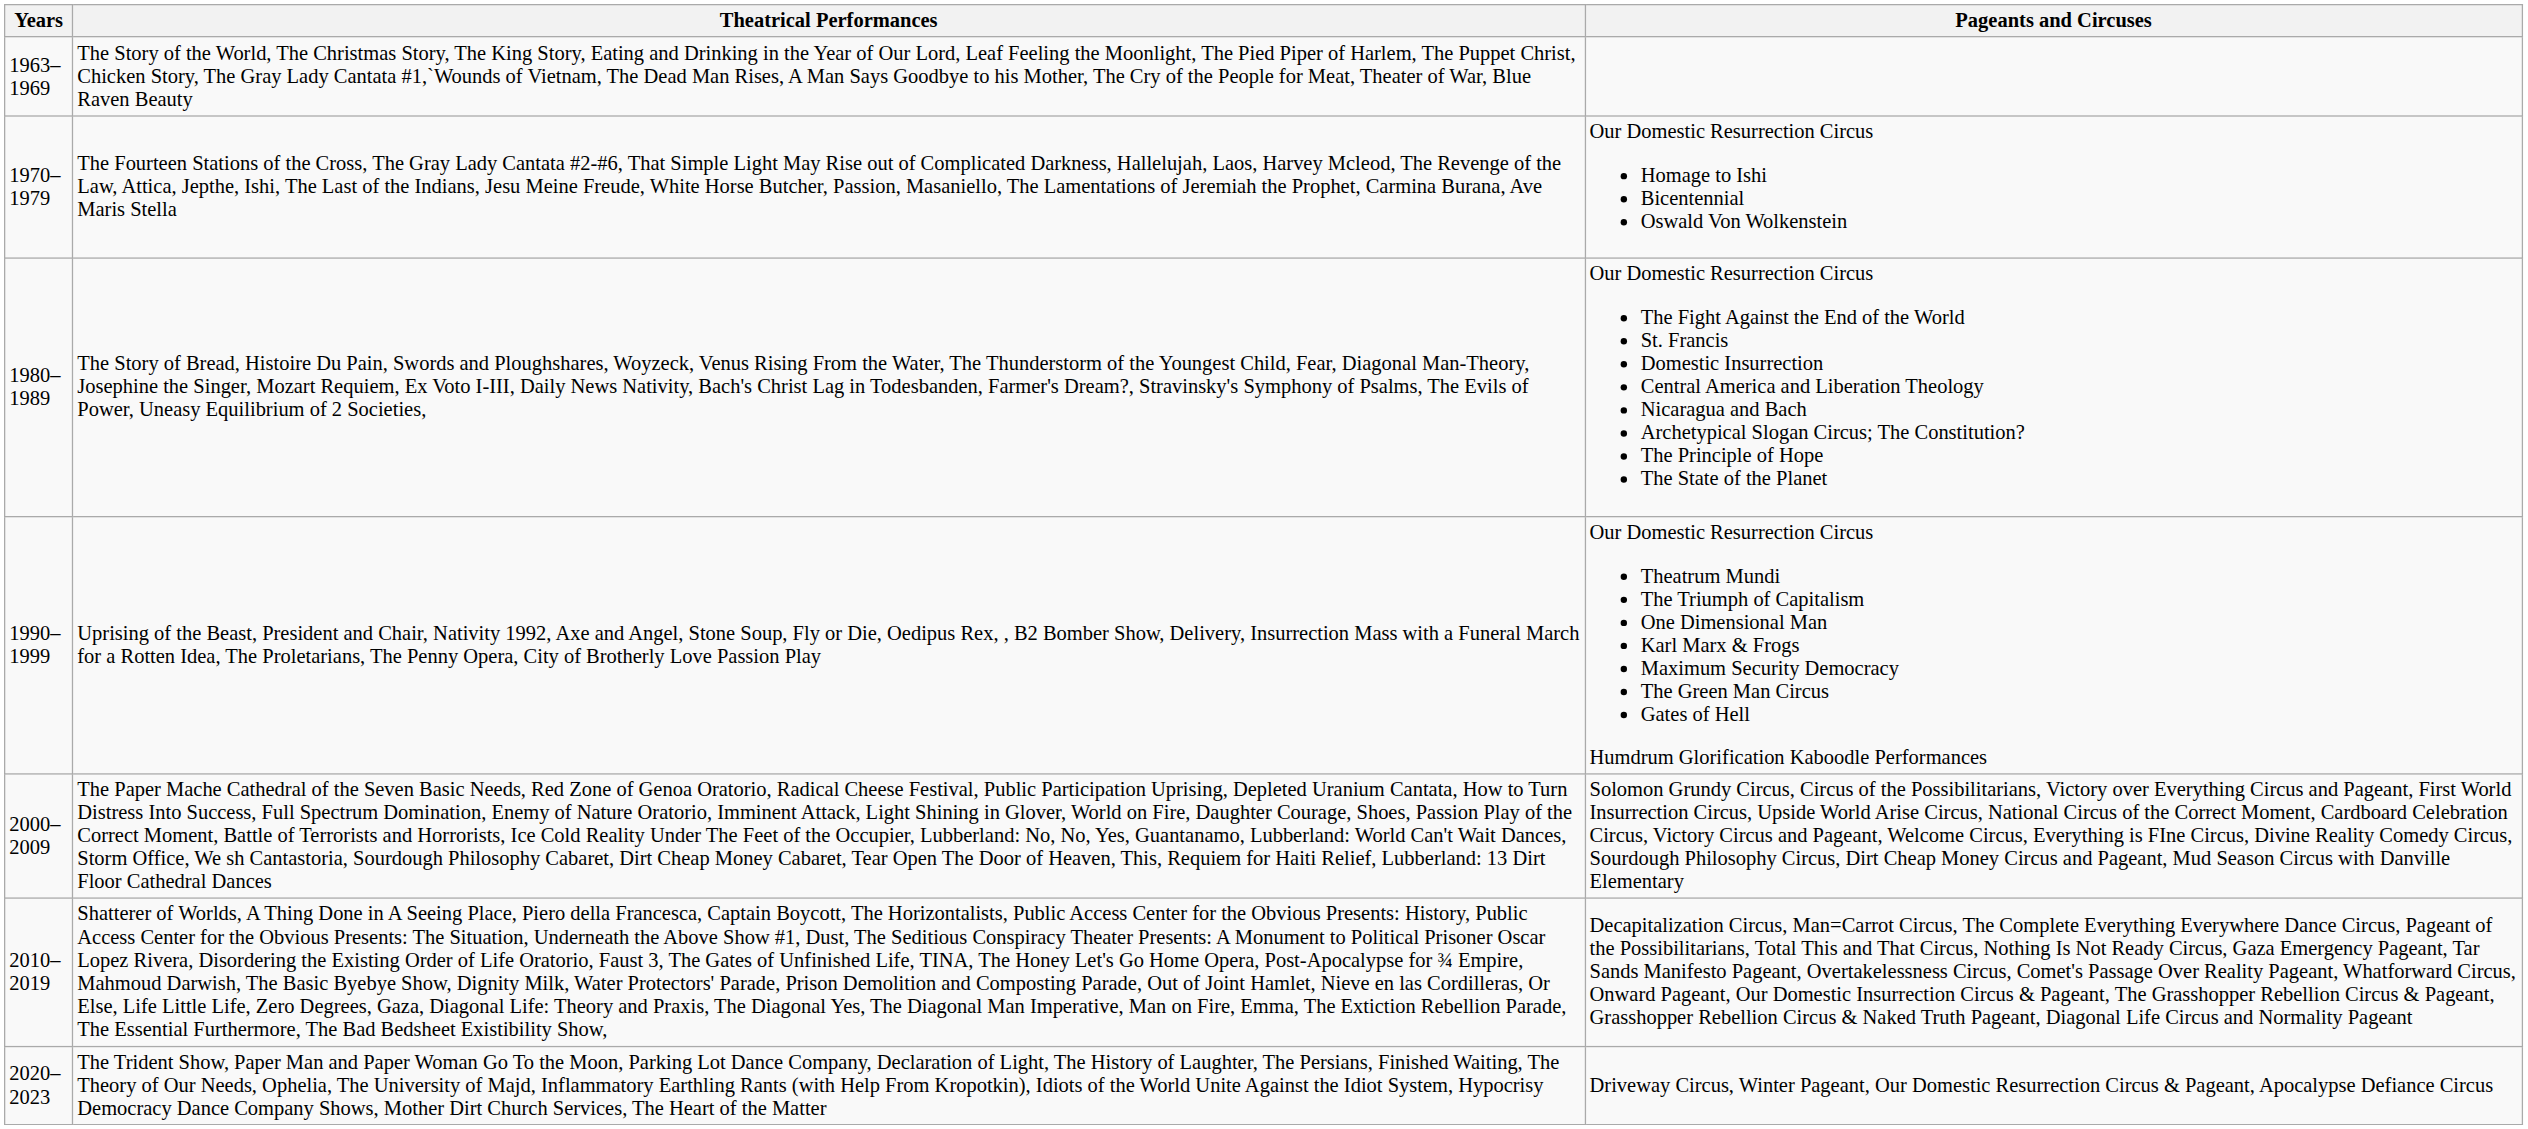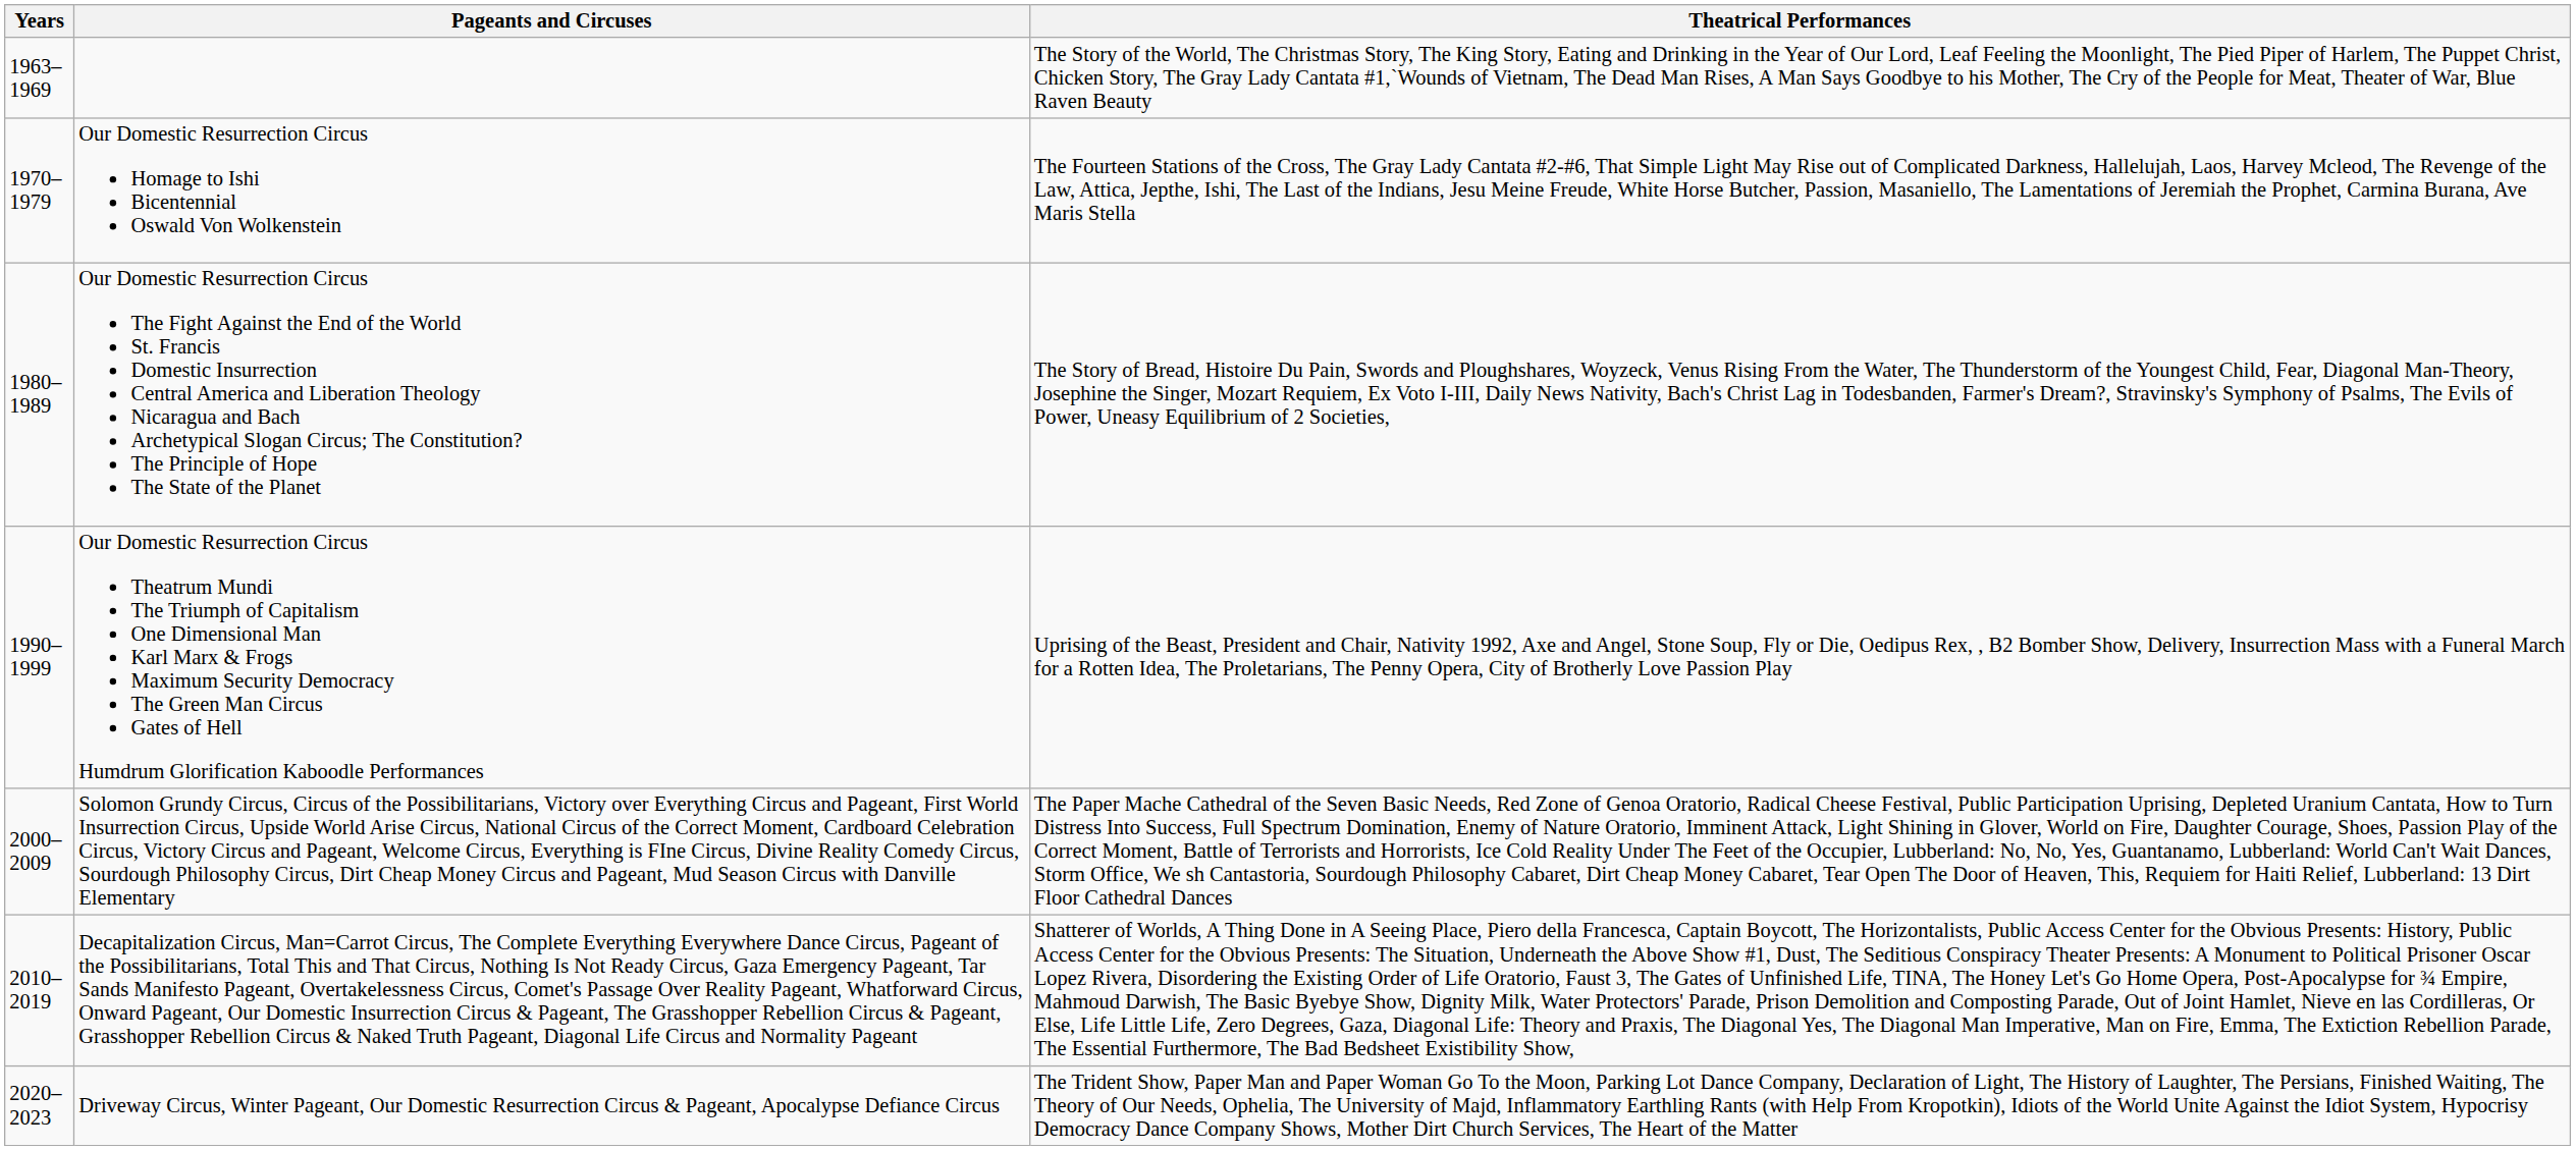 <table class="wikitable mw-collapsible">
 <tr>
 <th>Years</th>
+<th>Pageants and Circuses</th>
 <th>Theatrical Performances</th>
-<th>Pageants and Circuses</th>
 </tr>
 <tr>
 <td>1963–1969</td>
+<td></td>
 <td>The Story of the World, The Christmas Story, The King Story, Eating and Drinking in the Year of Our Lord, Leaf Feeling the Moonlight, The Pied Piper of Harlem, The Puppet Christ, Chicken Story, The Gray Lady Cantata #1,`Wounds of Vietnam, The Dead Man Rises, A Man Says Goodbye to his Mother, The Cry of the People for Meat, Theater of War, Blue Raven Beauty</td>
-<td></td>
 </tr>
 <tr>
 <td>1970–1979</td>
+<td>Our Domestic Resurrection Circus<br><ul><li>Homage to Ishi</li><li>Bicentennial</li><li>Oswald Von Wolkenstein</li></ul></td>
 <td>The Fourteen Stations of the Cross, The Gray Lady Cantata #2-#6, That Simple Light May Rise out of Complicated Darkness, Hallelujah, Laos, Harvey Mcleod, The Revenge of the Law, Attica, Jepthe, Ishi, The Last of the Indians, Jesu Meine Freude, White Horse Butcher, Passion, Masaniello, The Lamentations of Jeremiah the Prophet, Carmina Burana, Ave Maris Stella</td>
-<td>Our Domestic Resurrection Circus<br><ul><li>Homage to Ishi</li><li>Bicentennial</li><li>Oswald Von Wolkenstein</li></ul></td>
 </tr>
 <tr>
 <td>1980–1989</td>
+<td>Our Domestic Resurrection Circus<br><ul><li>The Fight Against the End of the World</li><li>St. Francis</li><li>Domestic Insurrection</li><li>Central America and Liberation Theology</li><li>Nicaragua and Bach</li><li>Archetypical Slogan Circus; The Constitution?</li><li>The Principle of Hope</li><li>The State of the Planet</li></ul></td>
 <td>The Story of Bread, Histoire Du Pain, Swords and Ploughshares, Woyzeck, Venus Rising From the Water, The Thunderstorm of the Youngest Child, Fear, Diagonal Man-Theory, Josephine the Singer, Mozart Requiem, Ex Voto I-III, Daily News Nativity, Bach's Christ Lag in Todesbanden, Farmer's Dream?, Stravinsky's Symphony of Psalms, The Evils of Power, Uneasy Equilibrium of 2 Societies,</td>
-<td>Our Domestic Resurrection Circus<br><ul><li>The Fight Against the End of the World</li><li>St. Francis</li><li>Domestic Insurrection</li><li>Central America and Liberation Theology</li><li>Nicaragua and Bach</li><li>Archetypical Slogan Circus; The Constitution?</li><li>The Principle of Hope</li><li>The State of the Planet</li></ul></td>
 </tr>
 <tr>
 <td>1990–1999</td>
+<td>Our Domestic Resurrection Circus<br><ul><li>Theatrum Mundi</li><li>The Triumph of Capitalism</li><li>One Dimensional Man</li><li>Karl Marx & Frogs</li><li>Maximum Security Democracy</li><li>The Green Man Circus</li><li>Gates of Hell</li></ul>Humdrum Glorification Kaboodle Performances</td>
 <td>Uprising of the Beast, President and Chair, Nativity 1992, Axe and Angel, Stone Soup, Fly or Die, Oedipus Rex, , B2 Bomber Show, Delivery, Insurrection Mass with a Funeral March for a Rotten Idea, The Proletarians, The Penny Opera, City of Brotherly Love Passion Play</td>
-<td>Our Domestic Resurrection Circus<br><ul><li>Theatrum Mundi</li><li>The Triumph of Capitalism</li><li>One Dimensional Man</li><li>Karl Marx & Frogs</li><li>Maximum Security Democracy</li><li>The Green Man Circus</li><li>Gates of Hell</li></ul>Humdrum Glorification Kaboodle Performances</td>
 </tr>
 <tr>
 <td>2000–2009</td>
+<td>Solomon Grundy Circus, Circus of the Possibilitarians, Victory over Everything Circus and Pageant, First World Insurrection Circus, Upside World Arise Circus, National Circus of the Correct Moment, Cardboard Celebration Circus, Victory Circus and Pageant, Welcome Circus, Everything is FIne Circus, Divine Reality Comedy Circus, Sourdough Philosophy Circus, Dirt Cheap Money Circus and Pageant, Mud Season Circus with Danville Elementary</td>
 <td>The Paper Mache Cathedral of the Seven Basic Needs, Red Zone of Genoa Oratorio, Radical Cheese Festival, Public Participation Uprising, Depleted Uranium Cantata, How to Turn Distress Into Success, Full Spectrum Domination, Enemy of Nature Oratorio,  Imminent Attack, Light Shining in Glover, World on Fire, Daughter Courage, Shoes, Passion Play of the Correct Moment, Battle of Terrorists and Horrorists, Ice Cold Reality Under The Feet of the Occupier, Lubberland: No, No, Yes, Guantanamo, Lubberland: World Can't Wait Dances, Storm Office, We sh Cantastoria, Sourdough Philosophy Cabaret, Dirt Cheap Money Cabaret, Tear Open The Door of Heaven, This, Requiem for Haiti Relief, Lubberland: 13 Dirt Floor Cathedral Dances</td>
-<td>Solomon Grundy Circus, Circus of the Possibilitarians, Victory over Everything Circus and Pageant, First World Insurrection Circus, Upside World Arise Circus, National Circus of the Correct Moment, Cardboard Celebration Circus, Victory Circus and Pageant, Welcome Circus, Everything is FIne Circus, Divine Reality Comedy Circus, Sourdough Philosophy Circus, Dirt Cheap Money Circus and Pageant, Mud Season Circus with Danville Elementary</td>
 </tr>
 <tr>
 <td>2010–2019</td>
+<td>Decapitalization Circus, Man=Carrot Circus, The Complete Everything Everywhere Dance Circus, Pageant of the Possibilitarians, Total This and That Circus, Nothing Is Not Ready Circus, Gaza Emergency Pageant, Tar Sands Manifesto Pageant, Overtakelessness Circus, Comet's Passage Over Reality Pageant, Whatforward Circus, Onward Pageant, Our Domestic Insurrection Circus & Pageant, The Grasshopper Rebellion Circus & Pageant, Grasshopper Rebellion Circus & Naked Truth Pageant, Diagonal Life Circus and Normality Pageant</td>
 <td>Shatterer of Worlds, A Thing Done in A Seeing Place, Piero della Francesca, Captain Boycott, The Horizontalists, Public Access Center for the Obvious Presents: History, Public Access Center for the Obvious Presents: The Situation, Underneath the Above Show #1, Dust, The Seditious Conspiracy Theater Presents: A Monument to Political Prisoner Oscar Lopez Rivera, Disordering the Existing Order of Life Oratorio, Faust 3, The Gates of Unfinished Life, TINA, The Honey Let's Go Home Opera, Post-Apocalypse for ¾ Empire, Mahmoud Darwish, The Basic Byebye Show, Dignity Milk, Water Protectors' Parade, Prison Demolition and Composting Parade, Out of Joint Hamlet, Nieve en las Cordilleras, Or Else, Life Little Life, Zero Degrees, Gaza, Diagonal Life: Theory and Praxis, The Diagonal Yes, The Diagonal Man Imperative, Man on Fire, Emma, The Extiction Rebellion Parade, The Essential Furthermore, The Bad Bedsheet Existibility Show,</td>
-<td>Decapitalization Circus, Man=Carrot Circus, The Complete Everything Everywhere Dance Circus, Pageant of the Possibilitarians, Total This and That Circus, Nothing Is Not Ready Circus, Gaza Emergency Pageant, Tar Sands Manifesto Pageant, Overtakelessness Circus, Comet's Passage Over Reality Pageant, Whatforward Circus, Onward Pageant, Our Domestic Insurrection Circus & Pageant, The Grasshopper Rebellion Circus & Pageant, Grasshopper Rebellion Circus & Naked Truth Pageant, Diagonal Life Circus and Normality Pageant</td>
 </tr>
 <tr>
 <td>2020–2023</td>
+<td>Driveway Circus, Winter Pageant,  Our Domestic Resurrection Circus & Pageant, Apocalypse Defiance Circus</td>
 <td>The Trident Show, Paper Man and Paper Woman Go To the Moon, Parking Lot Dance Company, Declaration of Light, The History of Laughter, The Persians, Finished Waiting, The Theory of Our Needs, Ophelia, The University of Majd, Inflammatory Earthling Rants (with Help From Kropotkin), Idiots of the World Unite Against the Idiot System, Hypocrisy Democracy Dance Company Shows, Mother Dirt Church Services, The Heart of the Matter</td>
-<td>Driveway Circus, Winter Pageant,  Our Domestic Resurrection Circus & Pageant, Apocalypse Defiance Circus</td>
 </tr>
 </table>
